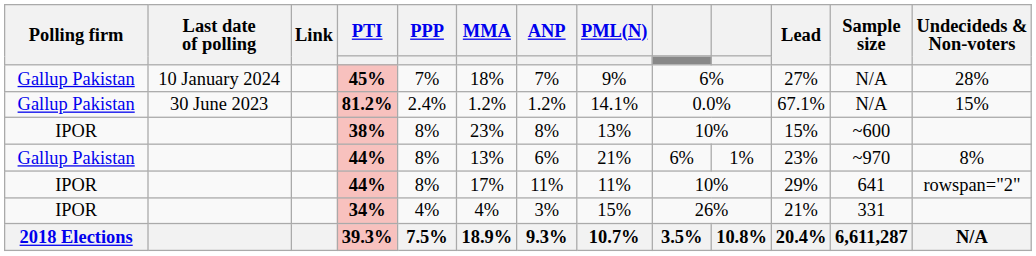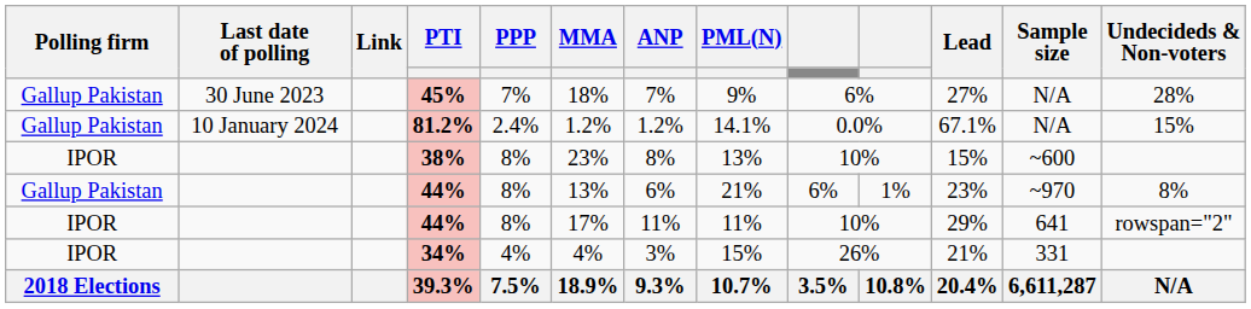 <table class="wikitable sortable" style="text-align:center;font-size:90%;line-height:14px">
 <tr style="height:40px;">
 <th style="width:105px;" rowspan="2">Polling firm</th>
 <th style="width:105px;" rowspan="2">Last date<br>of polling</th>
 <th rowspan="2">Link</th>
 <th class="unsortable" style="width:40px;"><a href='#'>PTI</a></th>
 <th class="unsortable" style="width:40px;"><a href='#'>PPP</a></th>
 <th class="unsortable" style="width:40px;"><a href='#'>MMA</a></th>
 <th class="unsortable" style="width:40px;"><a href='#'>ANP</a></th>
 <th class="unsortable" style="width:40px;"><a href='#'>PML(N)</a></th>
 <th class="unsortable" style="width:40px;"><a href='#'></a></th>
 <th class="unsortable" style="width:40px;"><a href='#'></a></th>
 <th rowspan="2">Lead</th>
 <th rowspan="2">Sample<br>size</th>
 <th rowspan="2">Undecideds &<br>Non-voters</th>
 </tr>
 <tr>
 <th style="background:"></th>
 <th style="background:"></th>
 <th style="background:"></th>
 <th style="background:"></th>
 <th style="background:"></th>
 <th style="background:#888888;" data-sort-type="number"></th>
 <th style="background:"></th>
 </tr>
 <tr>
 <td><a href='#'>Gallup Pakistan</a></td>
-<td>10 January 2024</td>
+<td>30 June 2023</td>
 <td></td>
 <td style="background:rgb(248, 193, 190)"><strong>45%</strong></td>
 <td>7%</td>
 <td>18%</td>
 <td>7%</td>
 <td>9%</td>
 <td colspan="2">6%</td>
 <td style="background:"><span>27%</span></td>
 <td>N/A</td>
 <td>28%</td>
 </tr>
 <tr>
 <td><a href='#'>Gallup Pakistan</a></td>
-<td>30 June 2023</td>
+<td>10 January 2024</td>
 <td></td>
 <td style="background:rgb(248, 193, 190)"><strong>81.2%</strong></td>
 <td>2.4%</td>
 <td>1.2%</td>
 <td>1.2%</td>
 <td>14.1%</td>
 <td colspan="2">0.0%</td>
 <td style="background:"><span>67.1%</span></td>
 <td>N/A</td>
 <td>15%</td>
 </tr>
 <tr>
 <td>IPOR</td>
 <td></td>
 <td></td>
 <td style="background:rgb(248, 193, 190)"><strong>38%</strong></td>
 <td>8%</td>
 <td>23%</td>
 <td>8%</td>
 <td>13%</td>
 <td colspan = "2">10%</td>
 <td style="background:"><span>15%</span></td>
 <td>~600</td>
 <td></td>
 </tr>
 <tr>
 <td><a href='#'>Gallup Pakistan</a></td>
 <td></td>
 <td></td>
 <td style="background:rgb(248, 193, 190)"><strong>44%</strong></td>
 <td>8%</td>
 <td>13%</td>
 <td>6%</td>
 <td>21%</td>
 <td>6%</td>
 <td>1%</td>
 <td style="background:"><span>23%</span></td>
 <td>~970</td>
 <td>8%</td>
 </tr>
 <tr>
 <td>IPOR</td>
 <td></td>
 <td></td>
 <td style="background:rgb(248, 193, 190)"><strong>44%</strong></td>
 <td>8%</td>
 <td>17%</td>
 <td>11%</td>
 <td>11%</td>
 <td colspan = "2">10%</td>
 <td style="background:"><span>29%</span></td>
 <td>641</td>
 <td>rowspan="2" </td>
 </tr>
 <tr>
 <td>IPOR</td>
 <td></td>
 <td></td>
 <td style="background:rgb(248, 193, 190)"><strong>34%</strong></td>
 <td>4%</td>
 <td>4%</td>
 <td>3%</td>
 <td>15%</td>
 <td colspan = "2">26%</td>
 <td style="background:"><span>21%</span></td>
 <td>331</td>
 </tr>
 <tr>
 <th><a href='#'>2018 Elections</a></th>
 <th></th>
 <th></th>
 <th style="background:rgb(248, 193, 190)"><strong>39.3%</strong></th>
 <th>7.5%</th>
 <th>18.9%</th>
 <th>9.3%</th>
 <th>10.7%</th>
 <th>3.5%</th>
 <th>10.8%</th>
 <th style="background:"><span>20.4%</span></th>
 <th>6,611,287</th>
 <th>N/A</th>
 </tr>
 </table>
